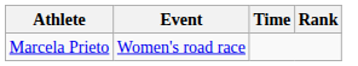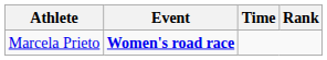 <table class=wikitable style=font-size:95%;text-align:center>
 <tr>
 <th>Athlete</th>
 <th>Event</th>
 <th>Time</th>
 <th>Rank</th>
 </tr>
 <tr align=center>
 <td align=left><a href='#'>Marcela Prieto</a></td>
-<td align=left><a href='#'>Women's road race</a></td>
+<td align=left><strong><a href='#'>Women's road race</a></strong></td>
 <td colspan=2></td>
 </tr>
 </table>
